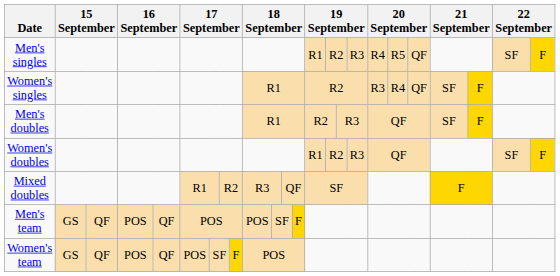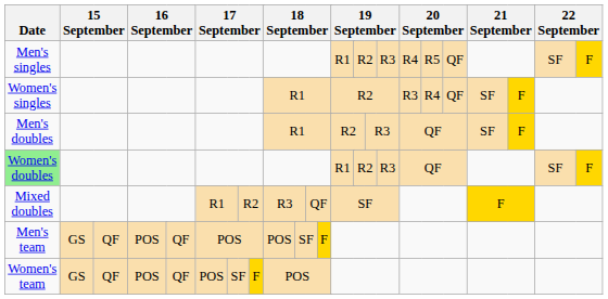 <table class="wikitable" style="text-align: center;">
 <tr valign="bottom">
 <th>Date</th>
 <th colspan="3">15<br>September</th>
 <th colspan="3">16<br>September</th>
 <th colspan="6">17<br>September</th>
 <th colspan="6">18<br>September</th>
 <th colspan="6">19<br>September</th>
 <th colspan="3">20<br>September</th>
 <th colspan="2">21<br>September</th>
 <th colspan="2">22<br>September</th>
 </tr>
 <tr>
 <td><a href='#'>Men's singles</a></td>
 <td colspan="3"></td>
 <td colspan="3"></td>
 <td colspan="6"></td>
 <td colspan="6"></td>
 <td colspan="2" style="background: #FADFAD">R1</td>
 <td colspan="2" style="background: #FADFAD">R2</td>
 <td colspan="2" style="background: #FADFAD">R3</td>
 <td style="background: #FADFAD">R4</td>
 <td style="background: #FADFAD">R5</td>
 <td style="background: #FADFAD">QF</td>
 <td colspan="2"></td>
 <td style="background: #FADFAD">SF</td>
 <td style="background: #FFD700">F</td>
 </tr>
 <tr>
 <td><a href='#'>Women's singles</a></td>
 <td colspan="3"></td>
 <td colspan="3"></td>
 <td colspan="6"></td>
 <td colspan="6" style="background: #FADFAD">R1</td>
 <td colspan="6" style="background: #FADFAD">R2</td>
 <td style="background: #FADFAD">R3</td>
 <td style="background: #FADFAD">R4</td>
 <td style="background: #FADFAD">QF</td>
 <td style="background: #FADFAD">SF</td>
 <td style="background: #FFD700">F</td>
 <td colspan="2"></td>
 </tr>
 <tr>
 <td><a href='#'>Men's doubles</a></td>
 <td colspan="3"></td>
 <td colspan="3"></td>
 <td colspan="6"></td>
 <td colspan="6" style="background: #FADFAD">R1</td>
 <td colspan="3" style="background: #FADFAD">R2</td>
 <td colspan="3" style="background: #FADFAD">R3</td>
 <td colspan="3" style="background: #FADFAD">QF</td>
 <td style="background: #FADFAD">SF</td>
 <td style="background: #FFD700">F</td>
 <td colspan="2"></td>
 </tr>
 <tr>
-<td><a href='#'>Women's doubles</a></td>
+<td style="background: lightgreen;"><a href='#'>Women's doubles</a></td>
 <td colspan="3"></td>
 <td colspan="3"></td>
 <td colspan="6"></td>
 <td colspan="6"></td>
 <td colspan="2" style="background: #FADFAD">R1</td>
 <td colspan="2" style="background: #FADFAD">R2</td>
 <td colspan="2" style="background: #FADFAD">R3</td>
 <td colspan="3" style="background: #FADFAD">QF</td>
 <td colspan="2"></td>
 <td style="background: #FADFAD">SF</td>
 <td style="background: #FFD700">F</td>
 </tr>
 <tr>
 <td><a href='#'>Mixed doubles</a></td>
 <td colspan="3"></td>
 <td colspan="3"></td>
 <td colspan="3" style="background: #FADFAD">R1</td>
 <td colspan="3" style="background: #FADFAD">R2</td>
 <td colspan="3" style="background: #FADFAD">R3</td>
 <td colspan="3" style="background: #FADFAD">QF</td>
 <td colspan="6" style="background: #FADFAD">SF</td>
 <td colspan="3"></td>
 <td colspan="2"style="background: #FFD700">F</td>
 <td colspan="2"></td>
 </tr>
 <tr>
 <td><a href='#'>Men's team</a></td>
 <td colspan="2" style="background: #FADFAD">GS</td>
 <td style="background: #FADFAD">QF</td>
 <td colspan="2" style="background: #FADFAD">POS</td>
 <td style="background: #FADFAD">QF</td>
 <td colspan="6" style="background: #FADFAD">POS</td>
 <td colspan="2" style="background: #FADFAD">POS</td>
 <td colspan="2" style="background: #FADFAD">SF</td>
 <td colspan="2" style="background: #FFD700">F</td>
 <td colspan="6"></td>
 <td colspan="3"></td>
 <td colspan="2"></td>
 <td colspan="2"></td>
 </tr>
 <tr>
 <td><a href='#'>Women's team</a></td>
 <td colspan="2" style="background: #FADFAD">GS</td>
 <td style="background: #FADFAD">QF</td>
 <td colspan="2" style="background: #FADFAD">POS</td>
 <td style="background: #FADFAD">QF</td>
 <td colspan="2" style="background: #FADFAD">POS</td>
 <td colspan="2" style="background: #FADFAD">SF</td>
 <td colspan="2" style="background: #FFD700">F</td>
 <td colspan="6" style="background: #FADFAD">POS</td>
 <td colspan="6"></td>
 <td colspan="3"></td>
 <td colspan="2"></td>
 <td colspan="2"></td>
 </tr>
 </table>
